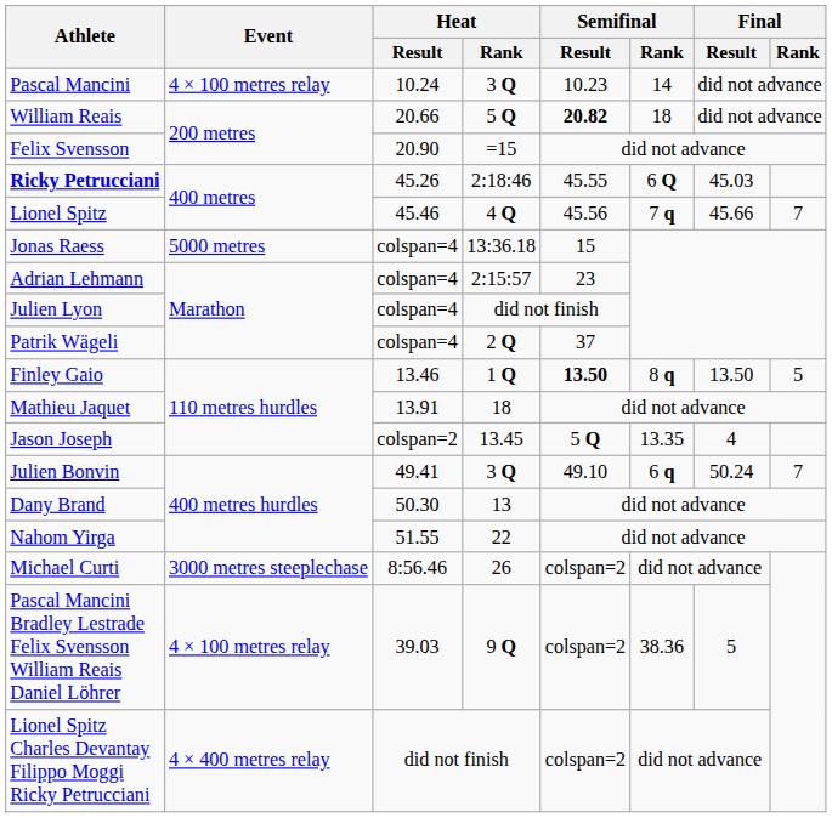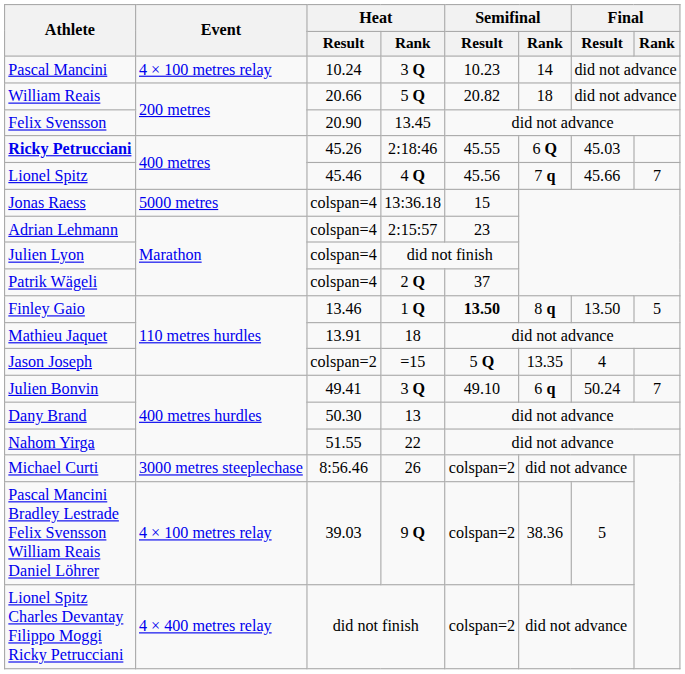 <table class=wikitable style=font-size:90%>
 <tr>
 <th rowspan=2>Athlete</th>
 <th rowspan=2>Event</th>
 <th colspan=2>Heat</th>
 <th colspan=2>Semifinal</th>
 <th colspan=2>Final</th>
 </tr>
 <tr style=font-size:95%>
 <th>Result</th>
 <th>Rank</th>
 <th>Result</th>
 <th>Rank</th>
 <th>Result</th>
 <th>Rank</th>
 </tr>
 <tr align=center>
 <td align=left><a href='#'>Pascal Mancini</a></td>
 <td align=left><a href='#'>4 × 100 metres relay</a></td>
 <td>10.24</td>
 <td>3 <strong>Q</strong></td>
 <td>10.23</td>
 <td>14</td>
 <td colspan=2>did not advance</td>
 </tr>
 <tr align=center>
 <td align=left><a href='#'>William Reais</a></td>
 <td align=left rowspan=2><a href='#'>200 metres</a></td>
 <td>20.66 <strong></strong></td>
 <td>5 <strong>Q</strong></td>
-<td><strong>20.82</strong></td>
+<td>20.82</td>
 <td>18</td>
 <td colspan=2>did not advance</td>
 </tr>
 <tr align=center>
 <td align=left><a href='#'>Felix Svensson</a></td>
 <td>20.90</td>
-<td>=15</td>
+<td>13.45</td>
 <td colspan=4>did not advance</td>
 </tr>
 <tr align=center>
 <td align=left><strong><a href='#'>Ricky Petrucciani</a></strong></td>
 <td align=left rowspan=2><a href='#'>400 metres</a></td>
 <td>45.26 <strong></strong></td>
 <td>2:18:46 <strong></strong></td>
 <td>45.55</td>
 <td>6 <strong>Q</strong></td>
 <td>45.03 <strong></strong></td>
 <td><strong></strong></td>
 </tr>
 <tr align=center>
 <td align=left><a href='#'>Lionel Spitz</a></td>
 <td>45.46 <strong></strong></td>
 <td>4 <strong>Q</strong></td>
 <td>45.56</td>
 <td>7 <strong>q</strong></td>
 <td>45.66</td>
 <td>7</td>
 </tr>
 <tr align=center>
 <td align=left><a href='#'>Jonas Raess</a></td>
 <td align=left><a href='#'>5000 metres</a></td>
 <td>colspan=4</td>
 <td>13:36.18</td>
 <td>15</td>
 </tr>
 <tr align=center>
 <td align=left><a href='#'>Adrian Lehmann</a></td>
 <td align=left rowspan=3><a href='#'>Marathon</a></td>
 <td>colspan=4</td>
 <td>2:15:57 <strong></strong></td>
 <td>23</td>
 </tr>
 <tr align=center>
 <td align=left><a href='#'>Julien Lyon</a></td>
 <td>colspan=4</td>
 <td colspan=2>did not finish</td>
 </tr>
 <tr align=center>
 <td align=left><a href='#'>Patrik Wägeli</a></td>
 <td>colspan=4</td>
 <td>2 <strong>Q</strong></td>
 <td>37</td>
 </tr>
 <tr align=center>
 <td align=left><a href='#'>Finley Gaio</a></td>
 <td align=left rowspan=3><a href='#'>110 metres hurdles</a></td>
 <td>13.46 <strong></strong></td>
 <td>1 <strong>Q</strong></td>
 <td><strong>13.50</strong></td>
 <td>8 <strong>q</strong></td>
 <td>13.50</td>
 <td>5</td>
 </tr>
 <tr align=center>
 <td align=left><a href='#'>Mathieu Jaquet</a></td>
 <td>13.91</td>
 <td>18</td>
 <td colspan=4>did not advance</td>
 </tr>
 <tr align=center>
 <td align=left><a href='#'>Jason Joseph</a></td>
 <td>colspan=2</td>
-<td>13.45</td>
+<td>=15</td>
 <td>5 <strong>Q</strong></td>
 <td>13.35</td>
 <td>4</td>
 </tr>
 <tr align=center>
 <td align=left><a href='#'>Julien Bonvin</a></td>
 <td align=left rowspan=3><a href='#'>400 metres hurdles</a></td>
 <td>49.41</td>
 <td>3 <strong>Q</strong></td>
 <td>49.10 <strong></strong></td>
 <td>6 <strong>q</strong></td>
 <td>50.24</td>
 <td>7</td>
 </tr>
 <tr align=center>
 <td align=left><a href='#'>Dany Brand</a></td>
 <td>50.30</td>
 <td>13</td>
 <td colspan=4>did not advance</td>
 </tr>
 <tr align=center>
 <td align=left><a href='#'>Nahom Yirga</a></td>
 <td>51.55</td>
 <td>22</td>
 <td colspan=4>did not advance</td>
 </tr>
 <tr align=center>
 <td align=left><a href='#'>Michael Curti</a></td>
 <td align=left><a href='#'>3000 metres steeplechase</a></td>
 <td>8:56.46</td>
 <td>26</td>
 <td>colspan=2</td>
 <td colspan=2>did not advance</td>
 </tr>
 <tr align=center>
 <td align=left><a href='#'>Pascal Mancini</a><br><a href='#'>Bradley Lestrade</a><br><a href='#'>Felix Svensson</a><br><a href='#'>William Reais</a><br><a href='#'>Daniel Löhrer</a></td>
 <td align=left><a href='#'>4 × 100 metres relay</a></td>
 <td>39.03 <strong></strong></td>
 <td>9 <strong>Q</strong></td>
 <td>colspan=2</td>
 <td>38.36 <strong></strong></td>
 <td>5</td>
 </tr>
 <tr align=center>
 <td align=left><a href='#'>Lionel Spitz</a><br><a href='#'>Charles Devantay</a><br><a href='#'>Filippo Moggi</a><br><a href='#'>Ricky Petrucciani</a></td>
 <td align=left><a href='#'>4 × 400 metres relay</a></td>
 <td colspan=2>did not finish</td>
 <td>colspan=2</td>
 <td colspan=2>did not advance</td>
 </tr>
 </table>
